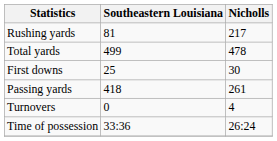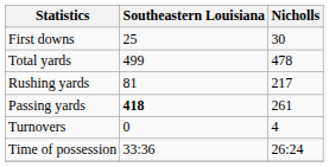 <table class="wikitable">
 <tr>
 <th>Statistics</th>
 <th>Southeastern Louisiana</th>
 <th>Nicholls</th>
 </tr>
 <tr>
-<td>Rushing yards</td>
-<td>81</td>
-<td>217</td>
+<td>First downs</td>
+<td>25</td>
+<td>30</td>
 </tr>
 <tr>
 <td>Total yards</td>
 <td>499</td>
 <td>478</td>
 </tr>
 <tr>
-<td>First downs</td>
-<td>25</td>
-<td>30</td>
+<td>Rushing yards</td>
+<td>81</td>
+<td>217</td>
 </tr>
 <tr>
 <td>Passing yards</td>
-<td>418</td>
+<td><strong>418</strong></td>
 <td>261</td>
 </tr>
 <tr>
 <td>Turnovers</td>
 <td>0</td>
 <td>4</td>
 </tr>
 <tr>
 <td>Time of possession</td>
 <td>33:36</td>
 <td>26:24</td>
 </tr>
 <tr>
 </tr>
 </table>
